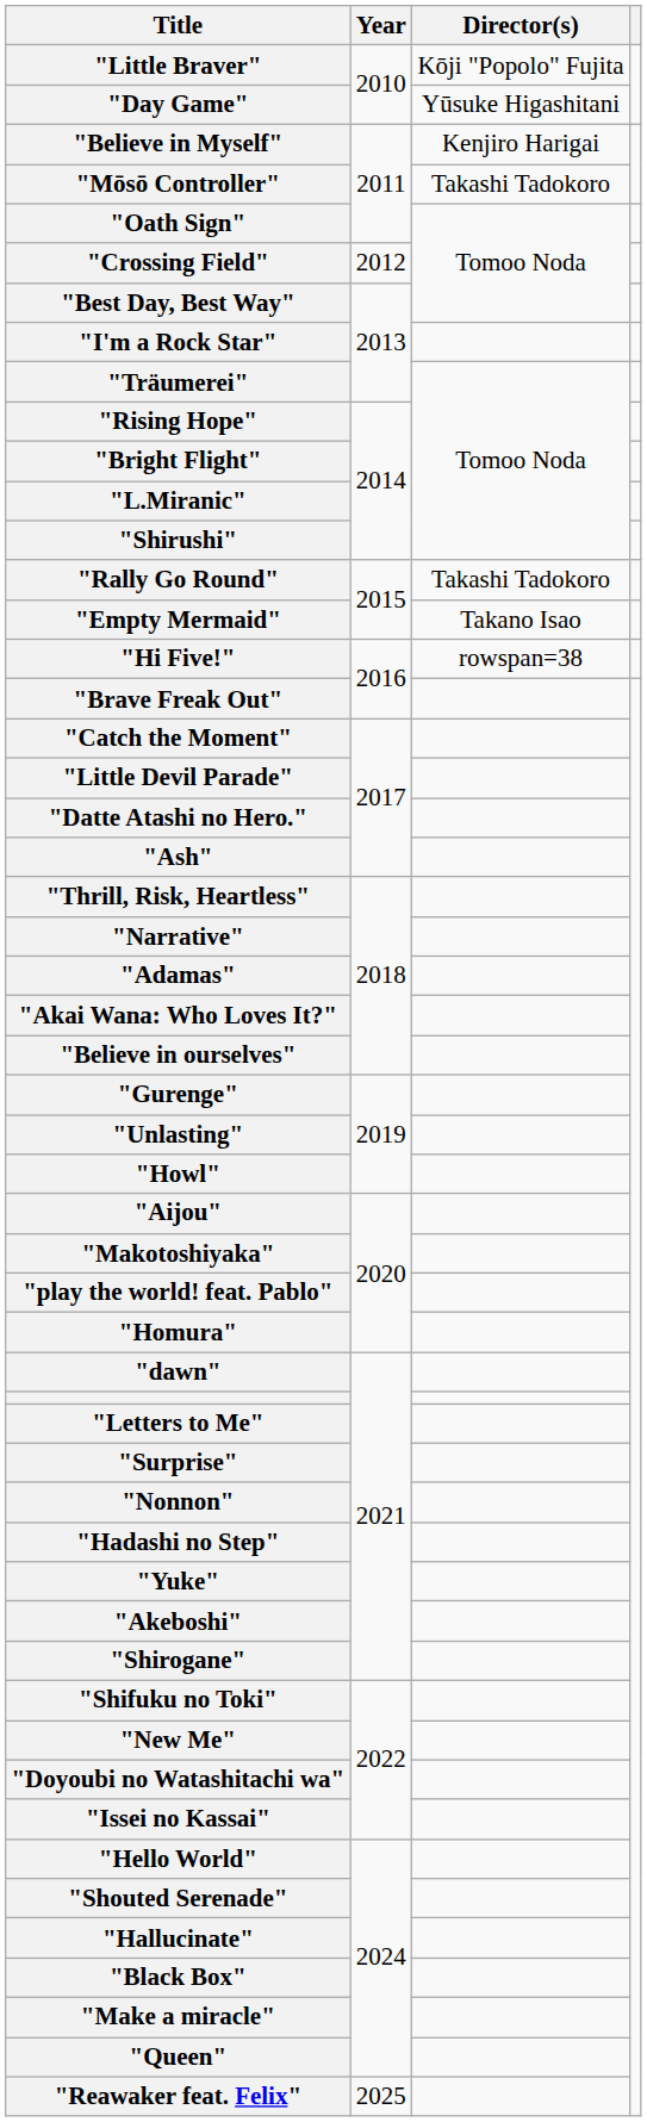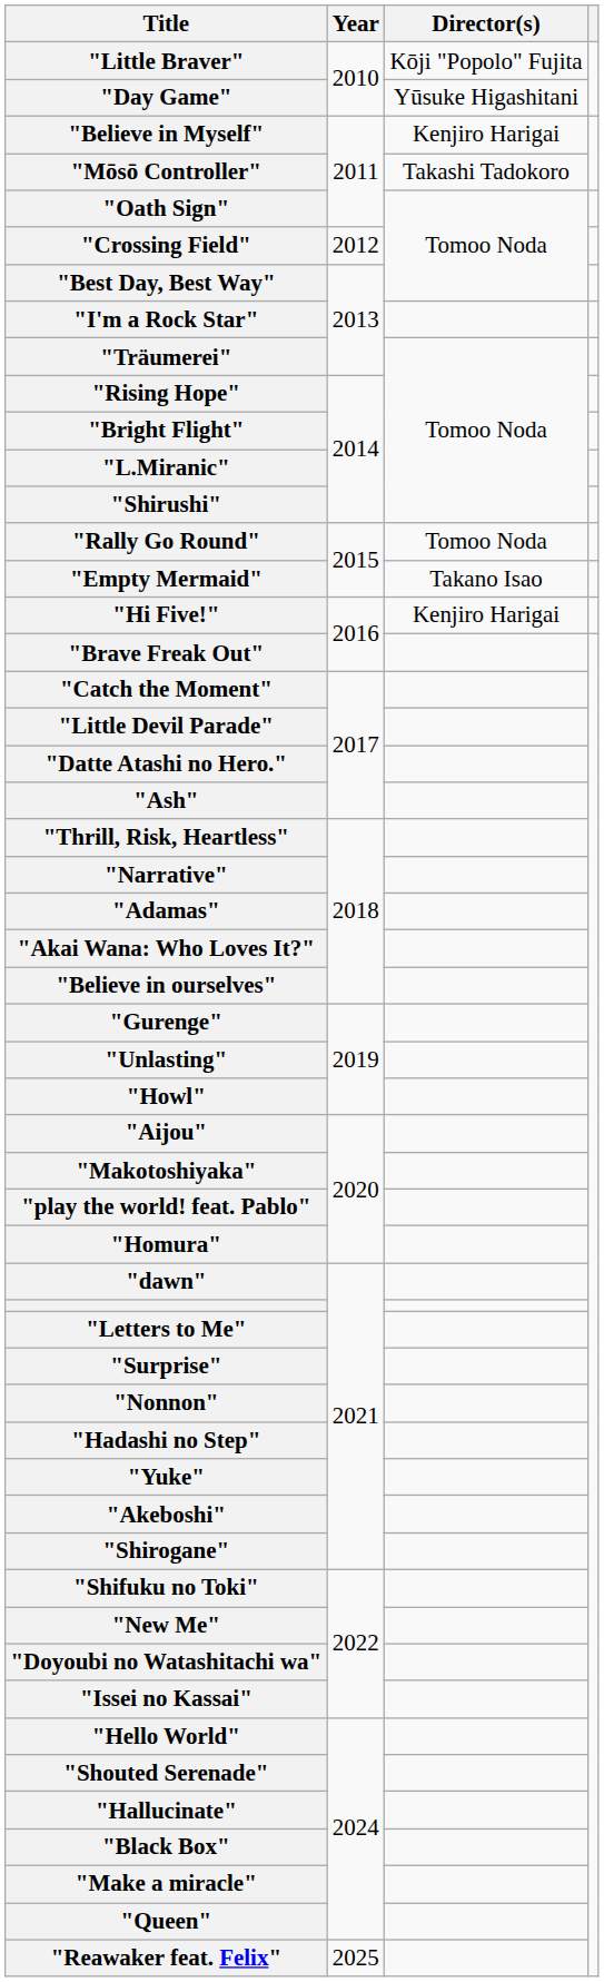 <table class="wikitable plainrowheaders" style="text-align:center;">
 <tr>
 <th>Title</th>
 <th>Year</th>
 <th>Director(s)</th>
 <th></th>
 </tr>
 <tr>
 <th scope="row">"Little Braver"<br></th>
 <td rowspan=2>2010</td>
 <td>Kōji "Popolo" Fujita</td>
 <td rowspan=2></td>
 </tr>
 <tr>
 <th scope="row">"Day Game"<br></th>
 <td>Yūsuke Higashitani</td>
 </tr>
 <tr>
 <th scope="row">"Believe in Myself"</th>
 <td rowspan=3>2011</td>
 <td>Kenjiro Harigai</td>
 <td rowspan=2></td>
 </tr>
 <tr>
 <th scope="row">"Mōsō Controller" </th>
 <td>Takashi Tadokoro</td>
 </tr>
 <tr>
 <th scope="row">"Oath Sign"</th>
 <td rowspan=3>Tomoo Noda</td>
 <td></td>
 </tr>
 <tr>
 <th scope="row">"Crossing Field"</th>
 <td>2012</td>
 <td></td>
 </tr>
 <tr>
 <th scope="row">"Best Day, Best Way"</th>
 <td rowspan=3>2013</td>
 <td></td>
 </tr>
 <tr>
 <th scope="row">"I'm a Rock Star"</th>
 <td></td>
 <td></td>
 </tr>
 <tr>
 <th scope="row">"Träumerei"</th>
 <td rowspan=5>Tomoo Noda</td>
 <td></td>
 </tr>
 <tr>
 <th scope="row">"Rising Hope"</th>
 <td rowspan=4>2014</td>
 <td></td>
 </tr>
 <tr>
 <th scope="row">"Bright Flight"</th>
 <td></td>
 </tr>
 <tr>
 <th scope="row">"L.Miranic"</th>
 <td></td>
 </tr>
 <tr>
 <th scope="row">"Shirushi"</th>
 <td></td>
 </tr>
 <tr>
 <th scope="row">"Rally Go Round"</th>
 <td rowspan=2>2015</td>
-<td>Takashi Tadokoro</td>
+<td>Tomoo Noda</td>
 <td></td>
 </tr>
 <tr>
 <th scope="row">"Empty Mermaid"</th>
 <td>Takano Isao</td>
 <td></td>
 </tr>
 <tr>
 <th scope="row">"Hi Five!"</th>
 <td rowspan="2">2016</td>
-<td>rowspan=38 </td>
+<td>Kenjiro Harigai</td>
 <td></td>
 </tr>
 <tr>
 <th scope="row">"Brave Freak Out"</th>
 <td></td>
 </tr>
 <tr>
 <th scope="row">"Catch the Moment"</th>
 <td rowspan=4>2017</td>
 <td></td>
 </tr>
 <tr>
 <th scope="row">"Little Devil Parade"</th>
 <td></td>
 </tr>
 <tr>
 <th scope="row">"Datte Atashi no Hero."</th>
 <td></td>
 </tr>
 <tr>
 <th scope="row">"Ash"</th>
 <td></td>
 </tr>
 <tr>
 <th scope="row">"Thrill, Risk, Heartless"</th>
 <td rowspan=5>2018</td>
 <td></td>
 </tr>
 <tr>
 <th scope="row">"Narrative"<br></th>
 <td></td>
 </tr>
 <tr>
 <th scope="row">"Adamas"</th>
 <td></td>
 </tr>
 <tr>
 <th scope="row">"Akai Wana: Who Loves It?"</th>
 <td></td>
 </tr>
 <tr>
 <th scope="row">"Believe in ourselves"</th>
 <td></td>
 </tr>
 <tr>
 <th scope="row">"Gurenge"</th>
 <td rowspan="3">2019</td>
 <td></td>
 </tr>
 <tr>
 <th scope="row">"Unlasting"</th>
 <td></td>
 </tr>
 <tr>
 <th scope="row">"Howl"</th>
 <td></td>
 </tr>
 <tr>
 <th scope="row">"Aijou"</th>
 <td rowspan="4">2020</td>
 <td></td>
 </tr>
 <tr>
 <th scope="row">"Makotoshiyaka"</th>
 <td></td>
 </tr>
 <tr>
 <th scope="row">"play the world! feat. Pablo"</th>
 <td></td>
 </tr>
 <tr>
 <th scope="row">"Homura"</th>
 <td></td>
 </tr>
 <tr>
 <th scope="row">"dawn"</th>
 <td rowspan="9">2021</td>
 <td></td>
 </tr>
 <tr>
 <th scope="row"></th>
 <td></td>
 </tr>
 <tr>
 <th scope="row">"Letters to Me"</th>
 <td></td>
 </tr>
 <tr>
 <th scope="row">"Surprise"</th>
 <td></td>
 </tr>
 <tr>
 <th scope="row">"Nonnon"</th>
 <td></td>
 </tr>
 <tr>
 <th scope="row">"Hadashi no Step"</th>
 <td></td>
 </tr>
 <tr>
 <th scope="row">"Yuke"</th>
 <td></td>
 </tr>
 <tr>
 <th scope="row">"Akeboshi"</th>
 <td></td>
 </tr>
 <tr>
 <th scope="row">"Shirogane"</th>
 <td></td>
 </tr>
 <tr>
 <th scope="row">"Shifuku no Toki"</th>
 <td rowspan="4">2022</td>
 <td></td>
 </tr>
 <tr>
 <th scope="row">"New Me"</th>
 <td></td>
 </tr>
 <tr>
 <th scope="row">"Doyoubi no Watashitachi wa"</th>
 <td></td>
 </tr>
 <tr>
 <th scope="row">"Issei no Kassai"</th>
 <td></td>
 </tr>
 <tr>
 <th scope="row">"Hello World"</th>
 <td rowspan="6">2024</td>
 <td></td>
 </tr>
 <tr>
 <th scope="row">"Shouted Serenade"</th>
 <td></td>
 </tr>
 <tr>
 <th scope="row">"Hallucinate"</th>
 <td></td>
 </tr>
 <tr>
 <th scope="row">"Black Box"</th>
 <td></td>
 </tr>
 <tr>
 <th scope="row">"Make a miracle"</th>
 <td></td>
 </tr>
 <tr>
 <th scope="row">"Queen"</th>
 <td></td>
 </tr>
 <tr>
 <th scope="row">"Reawaker feat. <a href='#'>Felix</a>"</th>
 <td>2025</td>
 <td></td>
 </tr>
 </table>
